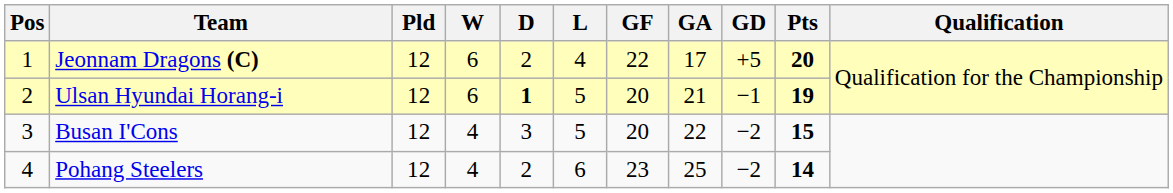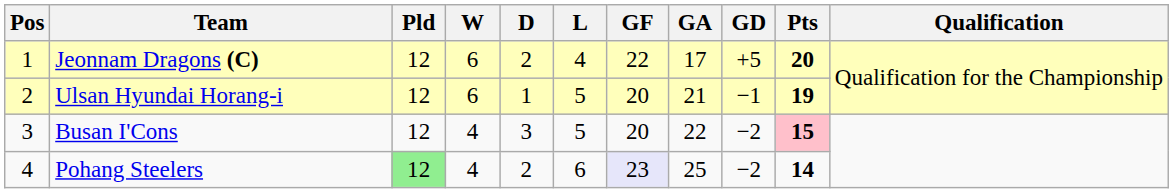 <table class="wikitable" style="text-align:center;">
 <tr>
 <th width=20>Pos</th>
 <th width=230>Team</th>
 <th width=30 abbr="Played">Pld</th>
 <th width=30 abbr="Won">W</th>
 <th width=30 abbr="Draw">D</th>
 <th width=30 abbr="Lost">L</th>
 <th width=35 abbr="Goals for">GF</th>
 <th width=30 abbr="Goals against">GA</th>
 <th width=30 abbr="Goal difference">GD</th>
 <th width=30 abbr="Points">Pts</th>
 <th>Qualification</th>
 </tr>
 <tr bgcolor=#ffffbb>
 <td>1</td>
 <td align="left"><a href='#'>Jeonnam Dragons</a> <strong>(C)</strong></td>
 <td>12</td>
 <td>6</td>
 <td>2</td>
 <td>4</td>
 <td>22</td>
 <td>17</td>
 <td>+5</td>
 <td><strong>20</strong></td>
 <td rowspan=2>Qualification for the Championship</td>
 </tr>
 <tr bgcolor=#ffffbb>
 <td>2</td>
 <td align="left"><a href='#'>Ulsan Hyundai Horang-i</a></td>
 <td>12</td>
 <td>6</td>
-<td><strong>1</strong></td>
+<td>1</td>
 <td>5</td>
 <td>20</td>
 <td>21</td>
 <td>−1</td>
 <td><strong>19</strong></td>
 </tr>
 <tr>
 <td>3</td>
 <td align="left"><a href='#'>Busan I'Cons</a></td>
 <td>12</td>
 <td>4</td>
 <td>3</td>
 <td>5</td>
 <td>20</td>
 <td>22</td>
 <td>−2</td>
-<td><strong>15</strong></td>
+<td style="background: pink;"><strong>15</strong></td>
 <td rowspan=2></td>
 </tr>
 <tr>
 <td>4</td>
 <td align="left"><a href='#'>Pohang Steelers</a></td>
-<td>12</td>
+<td style="background: lightgreen;">12</td>
 <td>4</td>
 <td>2</td>
 <td>6</td>
-<td>23</td>
+<td style="background: lavender;">23</td>
 <td>25</td>
 <td>−2</td>
 <td><strong>14</strong></td>
 </tr>
 </table>
